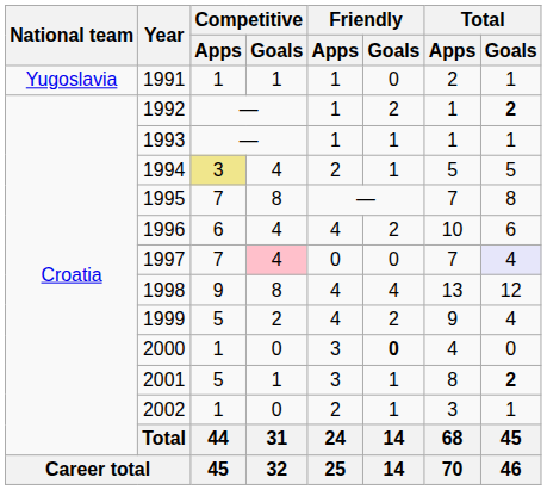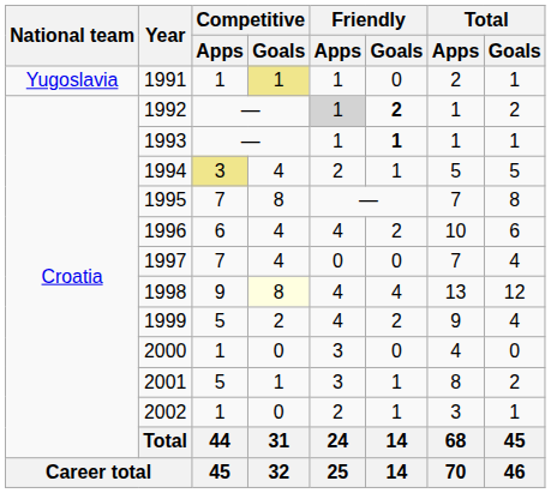 <table class="wikitable" style="text-align:center">
 <tr>
 <th rowspan="2" scope="col">National team</th>
 <th rowspan="2" scope="col">Year</th>
 <th colspan="2" scope="colgroup">Competitive</th>
 <th colspan="2" scope="colgroup">Friendly</th>
 <th colspan="2" scope="colgroup">Total</th>
 </tr>
 <tr>
 <th scope="col">Apps</th>
 <th scope="col">Goals</th>
 <th scope="col">Apps</th>
 <th scope="col">Goals</th>
 <th scope="col">Apps</th>
 <th scope="col">Goals</th>
 </tr>
 <tr>
 <td scope="rowgroup"><a href='#'>Yugoslavia</a></td>
 <td>1991</td>
 <td>1</td>
-<td>1</td>
+<td style="background: khaki;">1</td>
 <td>1</td>
 <td>0</td>
 <td>2</td>
 <td>1</td>
 </tr>
 <tr>
 <td rowspan="12" scope="rowgroup"><a href='#'>Croatia</a></td>
 <td>1992</td>
 <td colspan="2">—</td>
+<td style="background: lightgrey;">1</td>
+<td><strong>2</strong></td>
 <td>1</td>
 <td>2</td>
-<td>1</td>
-<td><strong>2</strong></td>
 </tr>
 <tr>
 <td>1993</td>
 <td colspan="2">—</td>
 <td>1</td>
-<td>1</td>
+<td><strong>1</strong></td>
 <td>1</td>
 <td>1</td>
 </tr>
 <tr>
 <td>1994</td>
 <td style="background: khaki;">3</td>
 <td>4</td>
 <td>2</td>
 <td>1</td>
 <td>5</td>
 <td>5</td>
 </tr>
 <tr>
 <td>1995</td>
 <td>7</td>
 <td>8</td>
 <td colspan="2">—</td>
 <td>7</td>
 <td>8</td>
 </tr>
 <tr>
 <td>1996</td>
 <td>6</td>
 <td>4</td>
 <td>4</td>
 <td>2</td>
 <td>10</td>
 <td>6</td>
 </tr>
 <tr>
 <td>1997</td>
 <td>7</td>
-<td style="background: pink;">4</td>
+<td>4</td>
 <td>0</td>
 <td>0</td>
 <td>7</td>
-<td style="background: lavender;">4</td>
+<td>4</td>
 </tr>
 <tr>
 <td>1998</td>
 <td>9</td>
-<td>8</td>
+<td style="background: lightyellow;">8</td>
 <td>4</td>
 <td>4</td>
 <td>13</td>
 <td>12</td>
 </tr>
 <tr>
 <td>1999</td>
 <td>5</td>
 <td>2</td>
 <td>4</td>
 <td>2</td>
 <td>9</td>
 <td>4</td>
 </tr>
 <tr>
 <td>2000</td>
 <td>1</td>
 <td>0</td>
 <td>3</td>
-<td><strong>0</strong></td>
+<td>0</td>
 <td>4</td>
 <td>0</td>
 </tr>
 <tr>
 <td>2001</td>
 <td>5</td>
 <td>1</td>
 <td>3</td>
 <td>1</td>
 <td>8</td>
-<td><strong>2</strong></td>
+<td>2</td>
 </tr>
 <tr>
 <td>2002</td>
 <td>1</td>
 <td>0</td>
 <td>2</td>
 <td>1</td>
 <td>3</td>
 <td>1</td>
 </tr>
 <tr>
 <th>Total</th>
 <th>44</th>
 <th>31</th>
 <th>24</th>
 <th>14</th>
 <th>68</th>
 <th>45</th>
 </tr>
 <tr>
 <th colspan="2" scope="row">Career total</th>
 <th>45</th>
 <th>32</th>
 <th>25</th>
 <th>14</th>
 <th>70</th>
 <th>46</th>
 </tr>
 </table>
